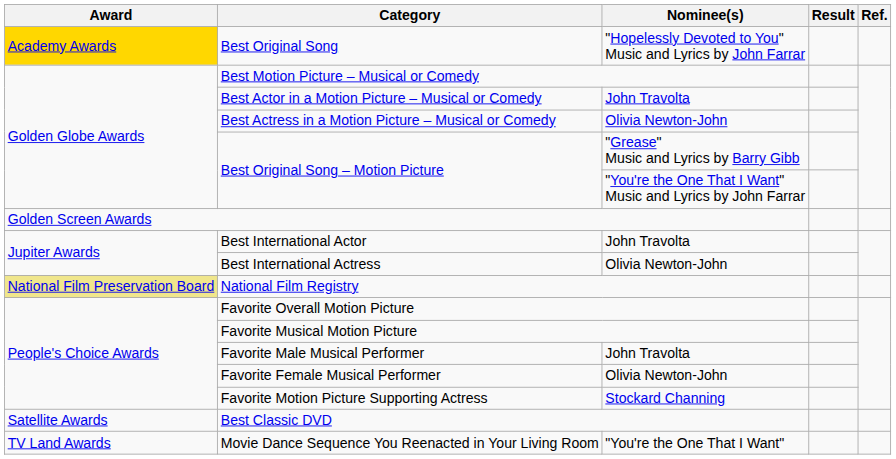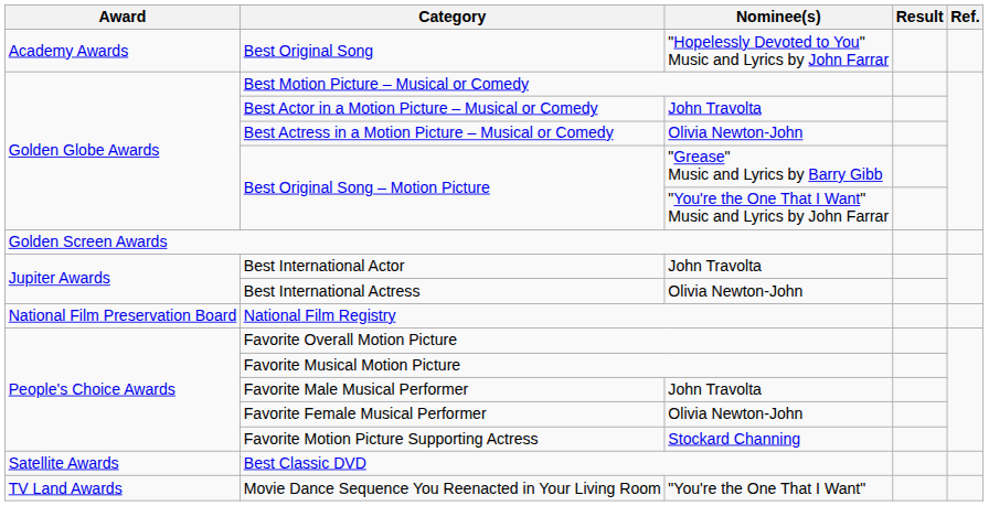 <table class="wikitable">
 <tr>
 <th>Award</th>
 <th>Category</th>
 <th>Nominee(s)</th>
 <th>Result</th>
 <th>Ref.</th>
 </tr>
 <tr>
-<td style="background: gold;"><a href='#'>Academy Awards</a></td>
+<td><a href='#'>Academy Awards</a></td>
 <td><a href='#'>Best Original Song</a></td>
 <td>"<a href='#'>Hopelessly Devoted to You</a>" <br> Music and Lyrics by <a href='#'>John Farrar</a></td>
 <td></td>
 <td align="center"></td>
 </tr>
 <tr>
 <td rowspan="5"><a href='#'>Golden Globe Awards</a></td>
 <td colspan="2"><a href='#'>Best Motion Picture – Musical or Comedy</a></td>
 <td></td>
 <td align="center" rowspan="5"></td>
 </tr>
 <tr>
 <td><a href='#'>Best Actor in a Motion Picture – Musical or Comedy</a></td>
 <td><a href='#'>John Travolta</a></td>
 <td></td>
 </tr>
 <tr>
 <td><a href='#'>Best Actress in a Motion Picture – Musical or Comedy</a></td>
 <td><a href='#'>Olivia Newton-John</a></td>
 <td></td>
 </tr>
 <tr>
 <td rowspan="2"><a href='#'>Best Original Song – Motion Picture</a></td>
 <td>"<a href='#'>Grease</a>" <br> Music and Lyrics by <a href='#'>Barry Gibb</a></td>
 <td></td>
 </tr>
 <tr>
 <td>"<a href='#'>You're the One That I Want</a>" <br> Music and Lyrics by John Farrar</td>
 <td></td>
 </tr>
 <tr>
 <td colspan="3"><a href='#'>Golden Screen Awards</a></td>
 <td></td>
 <td align="center"></td>
 </tr>
 <tr>
 <td rowspan="2"><a href='#'>Jupiter Awards</a></td>
 <td>Best International Actor</td>
 <td>John Travolta</td>
 <td></td>
 <td align="center" rowspan="2"></td>
 </tr>
 <tr>
 <td>Best International Actress</td>
 <td>Olivia Newton-John</td>
 <td></td>
 </tr>
 <tr>
-<td style="background: khaki;"><a href='#'>National Film Preservation Board</a></td>
+<td><a href='#'>National Film Preservation Board</a></td>
 <td colspan="2"><a href='#'>National Film Registry</a></td>
 <td></td>
 <td align="center"></td>
 </tr>
 <tr>
 <td rowspan="5"><a href='#'>People's Choice Awards</a></td>
 <td colspan="2">Favorite Overall Motion Picture</td>
 <td></td>
 <td align="center" rowspan="5"></td>
 </tr>
 <tr>
 <td colspan="2">Favorite Musical Motion Picture</td>
 <td></td>
 </tr>
 <tr>
 <td>Favorite Male Musical Performer</td>
 <td>John Travolta</td>
 <td></td>
 </tr>
 <tr>
 <td>Favorite Female Musical Performer</td>
 <td>Olivia Newton-John</td>
 <td></td>
 </tr>
 <tr>
 <td>Favorite Motion Picture Supporting Actress</td>
 <td><a href='#'>Stockard Channing</a></td>
 <td></td>
 </tr>
 <tr>
 <td><a href='#'>Satellite Awards</a></td>
 <td colspan="2"><a href='#'>Best Classic DVD</a></td>
 <td></td>
 <td align="center"></td>
 </tr>
 <tr>
 <td><a href='#'>TV Land Awards</a></td>
 <td>Movie Dance Sequence You Reenacted in Your Living Room</td>
 <td>"You're the One That I Want"</td>
 <td></td>
 <td align="center"></td>
 </tr>
 </table>
